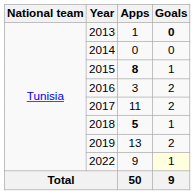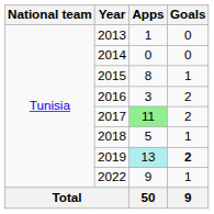 <table class="wikitable" style="text-align:center">
 <tr>
 <th>National team</th>
 <th>Year</th>
 <th>Apps</th>
 <th>Goals</th>
 </tr>
 <tr>
 <td rowspan="8"><a href='#'>Tunisia</a></td>
 <td>2013</td>
 <td>1</td>
-<td><strong>0</strong></td>
+<td>0</td>
 </tr>
 <tr>
 <td>2014</td>
 <td>0</td>
 <td>0</td>
 </tr>
 <tr>
 <td>2015</td>
-<td><strong>8</strong></td>
+<td>8</td>
 <td>1</td>
 </tr>
 <tr>
 <td>2016</td>
 <td>3</td>
 <td>2</td>
 </tr>
 <tr>
 <td>2017</td>
-<td>11</td>
+<td style="background: lightgreen;">11</td>
 <td>2</td>
 </tr>
 <tr>
 <td>2018</td>
-<td><strong>5</strong></td>
+<td>5</td>
 <td>1</td>
 </tr>
 <tr>
 <td>2019</td>
-<td>13</td>
-<td>2</td>
+<td style="background: paleturquoise;">13</td>
+<td><strong>2</strong></td>
 </tr>
 <tr>
 <td>2022</td>
 <td>9</td>
-<td style="background: lightyellow;">1</td>
+<td>1</td>
 </tr>
 <tr>
 <th colspan="2">Total</th>
 <th>50</th>
 <th>9</th>
 </tr>
 </table>
